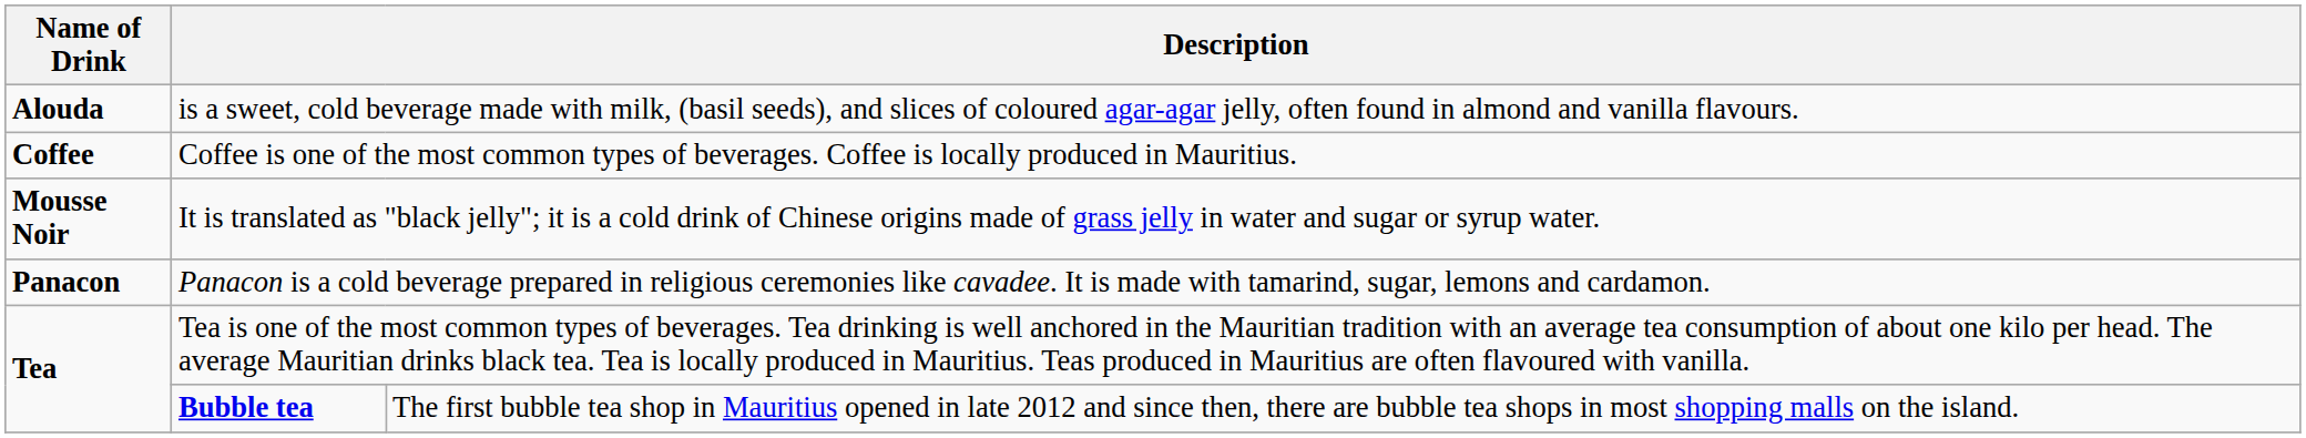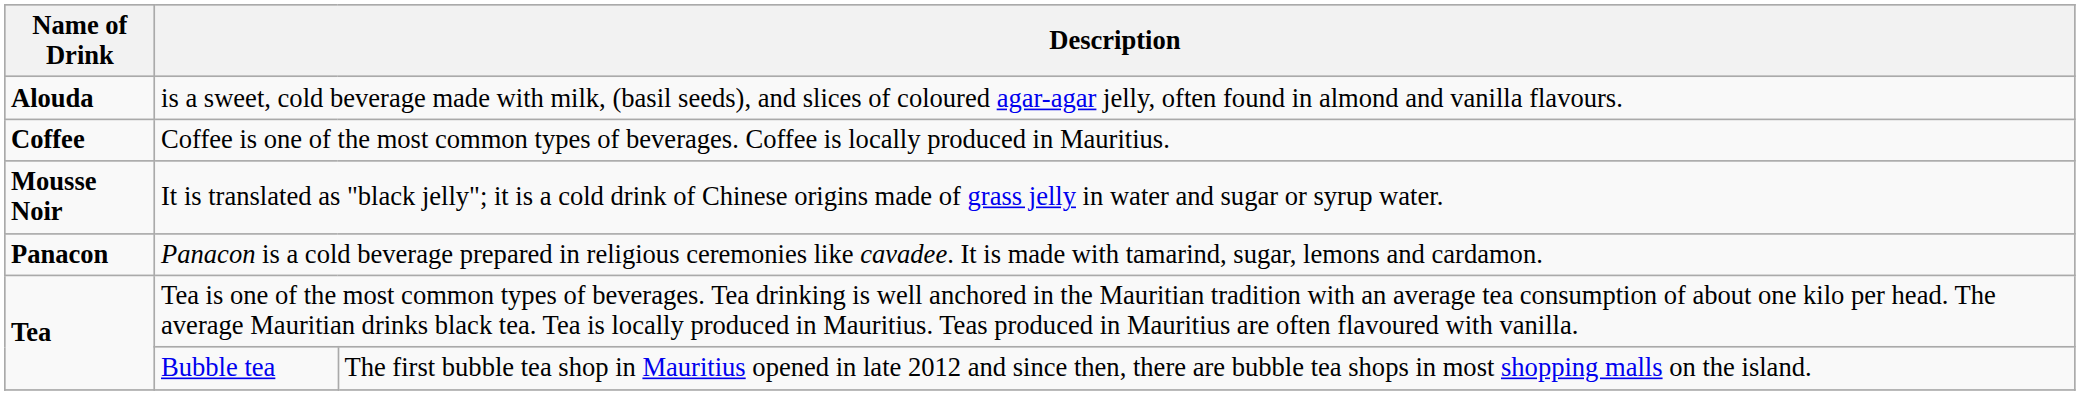 <table class="wikitable">
 <tr>
 <th>Name of Drink</th>
 <th colspan="2">Description</th>
 </tr>
 <tr>
 <td><strong>Alouda</strong></td>
 <td colspan="2"> is a sweet, cold beverage made with milk,  (basil seeds), and slices of coloured <a href='#'>agar-agar</a> jelly, often found in almond and vanilla flavours.</td>
 </tr>
 <tr>
 <td><strong>Coffee</strong></td>
 <td colspan="2">Coffee is one of the most common types of beverages. Coffee is locally produced in Mauritius.</td>
 </tr>
 <tr>
 <td><strong>Mousse Noir</strong></td>
 <td colspan="2">It is translated as "black jelly"; it is a cold drink of Chinese origins made of <a href='#'>grass jelly</a> in water and sugar or syrup water.</td>
 </tr>
 <tr>
 <td><strong>Panacon</strong></td>
 <td colspan="2"><em>Panacon</em> is a cold beverage prepared in religious ceremonies like <em>cavadee</em>. It is made with tamarind, sugar, lemons and cardamon.</td>
 </tr>
 <tr>
 <td rowspan="2"><strong>Tea</strong></td>
 <td colspan="2">Tea is one of the most common types of beverages. Tea drinking is well anchored in the Mauritian tradition with an average tea consumption of about one kilo per head. The average Mauritian drinks black tea. Tea is locally produced in Mauritius.  Teas produced in Mauritius are often flavoured with vanilla.</td>
 </tr>
 <tr>
-<td><strong><a href='#'>Bubble tea</a></strong></td>
+<td><a href='#'>Bubble tea</a></td>
 <td>The first bubble tea shop in <a href='#'>Mauritius</a> opened in late 2012 and since then, there are bubble tea shops in most <a href='#'>shopping malls</a> on the island.</td>
 </tr>
 </table>
